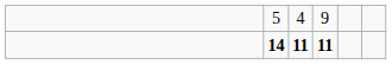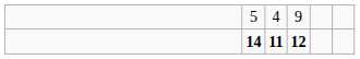 <table class="wikitable">
 <tr>
 <td style="width:15em"></td>
 <td align=center style="width:1em">5</td>
 <td align=center style="width:1em">4</td>
 <td align=center style="width:1em">9</td>
 <td align=center style="width:1em"></td>
 <td align=center style="width:1em"></td>
 </tr>
 <tr>
 <td style="width:15em"></td>
 <td align=center style="width:1em"><strong>14</strong></td>
 <td align=center style="width:1em"><strong>11</strong></td>
-<td align=center style="width:1em"><strong>11</strong></td>
+<td align=center style="width:1em"><strong>12</strong></td>
 <td align=center style="width:1em"></td>
 <td align=center style="width:1em"></td>
 </tr>
 </table>
